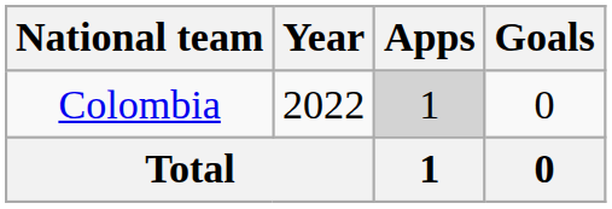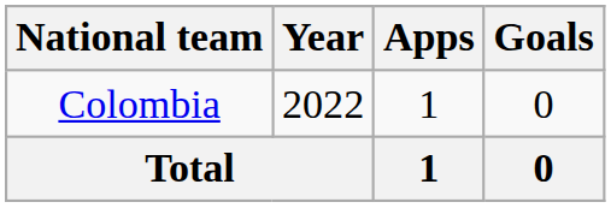 <table class="wikitable" style="text-align:center">
 <tr>
 <th>National team</th>
 <th>Year</th>
 <th>Apps</th>
 <th>Goals</th>
 </tr>
 <tr>
 <td><a href='#'>Colombia</a></td>
 <td>2022</td>
-<td style="background: lightgrey;">1</td>
+<td>1</td>
 <td>0</td>
 </tr>
 <tr>
 <th colspan="2">Total</th>
 <th>1</th>
 <th>0</th>
 </tr>
 </table>
